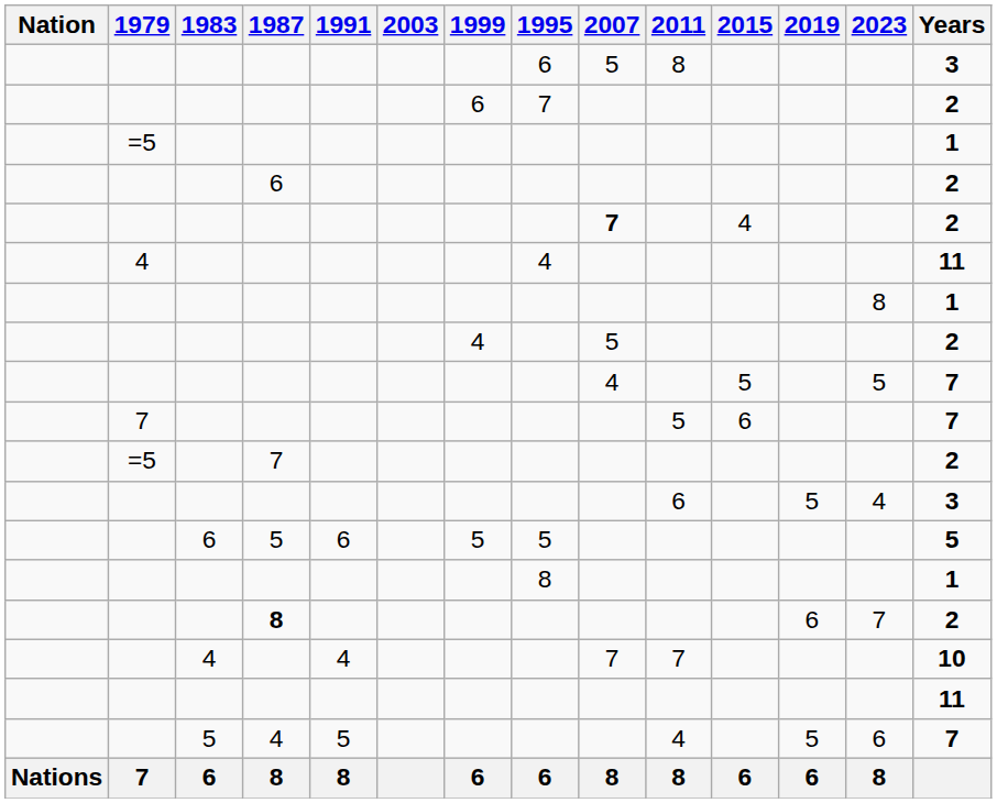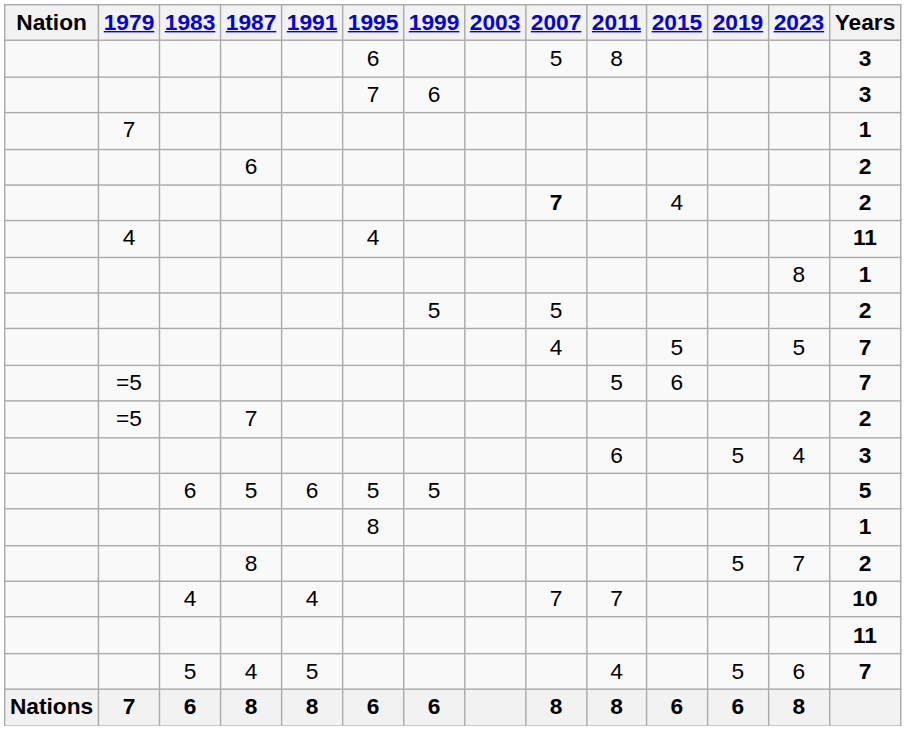 <table class="wikitable" style="text-align:center">
 <tr>
 <th>Nation</th>
 <th><a href='#'>1979</a></th>
 <th><a href='#'>1983</a></th>
 <th><a href='#'>1987</a></th>
 <th><a href='#'>1991</a></th>
+<th><a href='#'>1995</a></th>
+<th><a href='#'>1999</a></th>
 <th><a href='#'>2003</a></th>
-<th><a href='#'>1999</a></th>
-<th><a href='#'>1995</a></th>
 <th><a href='#'>2007</a></th>
 <th><a href='#'>2011</a></th>
 <th><a href='#'>2015</a></th>
 <th><a href='#'>2019</a></th>
 <th><a href='#'>2023</a></th>
 <th>Years</th>
 </tr>
 <tr>
 <td align=left></td>
 <td></td>
 <td></td>
 <td></td>
 <td></td>
+<td>6</td>
 <td></td>
 <td></td>
-<td>6</td>
 <td>5</td>
 <td>8</td>
 <td></td>
 <td></td>
 <td></td>
 <td><strong>3</strong></td>
 </tr>
 <tr>
 <td align=left></td>
 <td></td>
 <td></td>
 <td></td>
 <td></td>
-<td></td>
+<td>7</td>
 <td>6</td>
-<td>7</td>
 <td></td>
 <td></td>
 <td></td>
 <td></td>
 <td></td>
-<td><strong>2</strong></td>
+<td></td>
+<td><strong>3</strong></td>
 </tr>
 <tr>
 <td align=left></td>
-<td>=5</td>
+<td>7</td>
 <td></td>
 <td></td>
 <td></td>
 <td></td>
 <td></td>
 <td></td>
 <td></td>
 <td></td>
 <td></td>
 <td></td>
 <td></td>
 <td><strong>1</strong></td>
 </tr>
 <tr>
 <td align=left></td>
 <td></td>
 <td></td>
 <td>6</td>
 <td></td>
 <td></td>
 <td></td>
 <td></td>
 <td></td>
 <td></td>
 <td></td>
 <td></td>
 <td></td>
 <td><strong>2</strong></td>
 </tr>
 <tr>
 <td align=left></td>
 <td></td>
 <td></td>
 <td></td>
 <td></td>
 <td></td>
 <td></td>
 <td></td>
 <td><strong>7</strong></td>
 <td></td>
 <td>4</td>
 <td></td>
 <td></td>
 <td><strong>2</strong></td>
 </tr>
 <tr>
 <td align=left></td>
 <td>4</td>
 <td></td>
 <td></td>
 <td></td>
+<td>4</td>
 <td></td>
 <td></td>
-<td>4</td>
 <td></td>
 <td></td>
 <td></td>
 <td></td>
 <td></td>
 <td><strong>11</strong></td>
 </tr>
 <tr>
 <td align=left></td>
 <td></td>
 <td></td>
 <td></td>
 <td></td>
 <td></td>
 <td></td>
 <td></td>
 <td></td>
 <td></td>
 <td></td>
 <td></td>
 <td>8</td>
 <td><strong>1</strong></td>
 </tr>
 <tr>
 <td align=left></td>
 <td></td>
 <td></td>
 <td></td>
 <td></td>
 <td></td>
-<td>4</td>
+<td>5</td>
 <td></td>
 <td>5</td>
 <td></td>
 <td></td>
 <td></td>
 <td></td>
 <td><strong>2</strong></td>
 </tr>
 <tr>
 <td align=left></td>
 <td></td>
 <td></td>
 <td></td>
 <td></td>
 <td></td>
 <td></td>
 <td></td>
 <td>4</td>
 <td></td>
 <td>5</td>
 <td></td>
 <td>5</td>
 <td><strong>7</strong></td>
 </tr>
 <tr>
 <td align=left></td>
-<td>7</td>
+<td>=5</td>
 <td></td>
 <td></td>
 <td></td>
 <td></td>
 <td></td>
 <td></td>
 <td></td>
 <td>5</td>
 <td>6</td>
 <td></td>
 <td></td>
 <td><strong>7</strong></td>
 </tr>
 <tr>
 <td align=left></td>
 <td>=5</td>
 <td></td>
 <td>7</td>
 <td></td>
 <td></td>
 <td></td>
 <td></td>
 <td></td>
 <td></td>
 <td></td>
 <td></td>
 <td></td>
 <td><strong>2</strong></td>
 </tr>
 <tr>
 <td align=left></td>
 <td></td>
 <td></td>
 <td></td>
 <td></td>
 <td></td>
 <td></td>
 <td></td>
 <td></td>
 <td>6</td>
 <td></td>
 <td>5</td>
 <td>4</td>
 <td><strong>3</strong></td>
 </tr>
 <tr>
 <td align=left></td>
 <td></td>
 <td>6</td>
 <td>5</td>
 <td>6</td>
-<td></td>
 <td>5</td>
 <td>5</td>
+<td></td>
 <td></td>
 <td></td>
 <td></td>
 <td></td>
 <td></td>
 <td><strong>5</strong></td>
 </tr>
 <tr>
 <td align=left></td>
 <td></td>
 <td></td>
 <td></td>
 <td></td>
+<td>8</td>
 <td></td>
 <td></td>
-<td>8</td>
 <td></td>
 <td></td>
 <td></td>
 <td></td>
 <td></td>
 <td><strong>1</strong></td>
 </tr>
 <tr>
 <td align=left></td>
 <td></td>
 <td></td>
-<td><strong>8</strong></td>
+<td>8</td>
 <td></td>
 <td></td>
 <td></td>
 <td></td>
 <td></td>
 <td></td>
 <td></td>
-<td>6</td>
+<td>5</td>
 <td>7</td>
 <td><strong>2</strong></td>
 </tr>
 <tr>
 <td align=left></td>
 <td></td>
 <td>4</td>
 <td></td>
 <td>4</td>
 <td></td>
 <td></td>
 <td></td>
 <td>7</td>
 <td>7</td>
 <td></td>
 <td></td>
 <td></td>
 <td><strong>10</strong></td>
 </tr>
 <tr>
 <td align=left></td>
 <td></td>
 <td></td>
 <td></td>
 <td></td>
 <td></td>
 <td></td>
 <td></td>
 <td></td>
 <td></td>
 <td></td>
 <td></td>
 <td></td>
 <td><strong>11</strong></td>
 </tr>
 <tr>
 <td align=left></td>
 <td></td>
 <td>5</td>
 <td>4</td>
 <td>5</td>
 <td></td>
 <td></td>
 <td></td>
 <td></td>
 <td>4</td>
 <td></td>
 <td>5</td>
 <td>6</td>
 <td><strong>7</strong></td>
 </tr>
 <tr>
 <th>Nations</th>
 <th>7</th>
 <th>6</th>
 <th>8</th>
 <th>8</th>
-<th></th>
 <th>6</th>
 <th>6</th>
+<th></th>
 <th>8</th>
 <th>8</th>
 <th>6</th>
 <th>6</th>
 <th>8</th>
 <th></th>
 </tr>
 </table>
